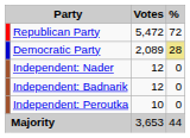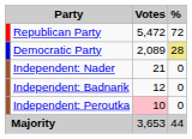 <table class="wikitable">
 <tr bgcolor="CCCCCC">
 <td colspan="2" rowspan="1" align="center" valign="top"><strong>Party</strong></td>
 <td valign="top"><strong>Votes</strong></td>
 <td valign="top"><strong>%</strong></td>
 </tr>
 <tr>
 <td style="color:inherit;background:#ff0000"></td>
 <td><a href='#'>Republican Party</a></td>
 <td align="right">5,472</td>
 <td align="right">72</td>
 </tr>
 <tr>
 <td style="color:inherit;background:#0000cd"></td>
 <td><a href='#'>Democratic Party</a></td>
 <td align="right">2,089</td>
 <td align="right" style="background: khaki;">28</td>
 </tr>
 <tr>
 <td style="color:inherit;background:#a0522d"></td>
 <td><a href='#'>Independent: Nader</a></td>
-<td align="right">12</td>
+<td align="right">21</td>
 <td align="right">0</td>
 </tr>
 <tr>
 <td style="color:inherit;background:#a0522d"></td>
 <td><a href='#'>Independent: Badnarik</a></td>
 <td align="right">12</td>
 <td align="right">0</td>
 </tr>
 <tr>
 <td style="color:inherit;background:#a0522d"></td>
 <td><a href='#'>Independent: Peroutka</a></td>
-<td align="right">10</td>
+<td align="right" style="background: pink;">10</td>
 <td align="right">0</td>
 </tr>
 <tr bgcolor="CCCCCC">
 <td colspan="2" rowspan="1"> <strong>Majority</strong></td>
 <td align="right">3,653</td>
 <td align="right">44</td>
 </tr>
 </table>
